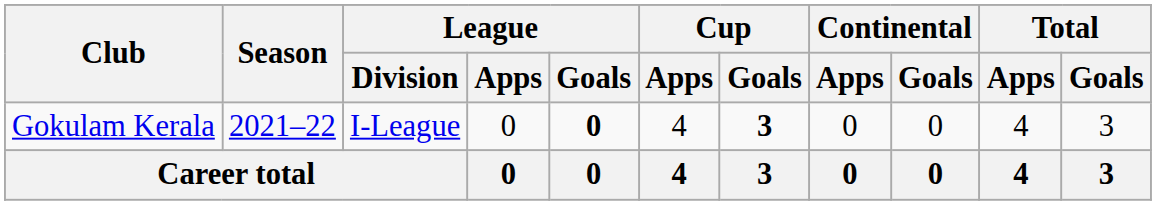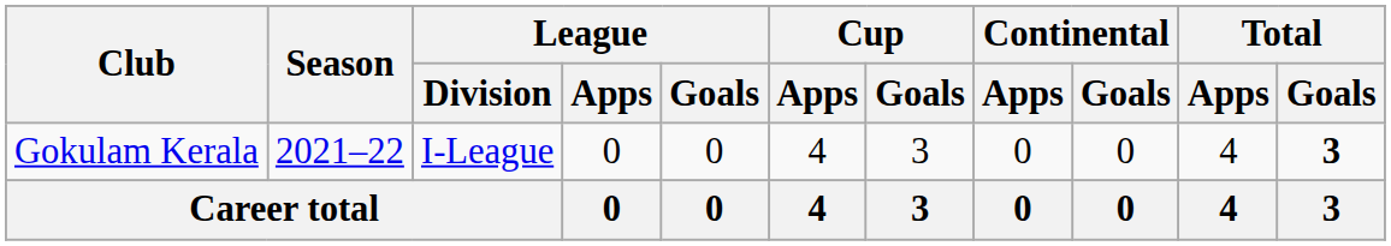 <table class=wikitable style=text-align:center>
 <tr>
 <th rowspan="2">Club</th>
 <th rowspan="2">Season</th>
 <th colspan="3">League</th>
 <th colspan="2">Cup</th>
 <th colspan="2">Continental</th>
 <th colspan="2">Total</th>
 </tr>
 <tr>
 <th>Division</th>
 <th>Apps</th>
 <th>Goals</th>
 <th>Apps</th>
 <th>Goals</th>
 <th>Apps</th>
 <th>Goals</th>
 <th>Apps</th>
 <th>Goals</th>
 </tr>
 <tr>
 <td><a href='#'>Gokulam Kerala</a></td>
 <td><a href='#'>2021–22</a></td>
 <td><a href='#'>I-League</a></td>
 <td>0</td>
-<td><strong>0</strong></td>
+<td>0</td>
 <td>4</td>
-<td><strong>3</strong></td>
+<td>3</td>
 <td>0</td>
 <td>0</td>
 <td>4</td>
-<td>3</td>
+<td><strong>3</strong></td>
 </tr>
 <tr>
 <th colspan="3">Career total</th>
 <th>0</th>
 <th>0</th>
 <th>4</th>
 <th>3</th>
 <th>0</th>
 <th>0</th>
 <th>4</th>
 <th>3</th>
 </tr>
 </table>
